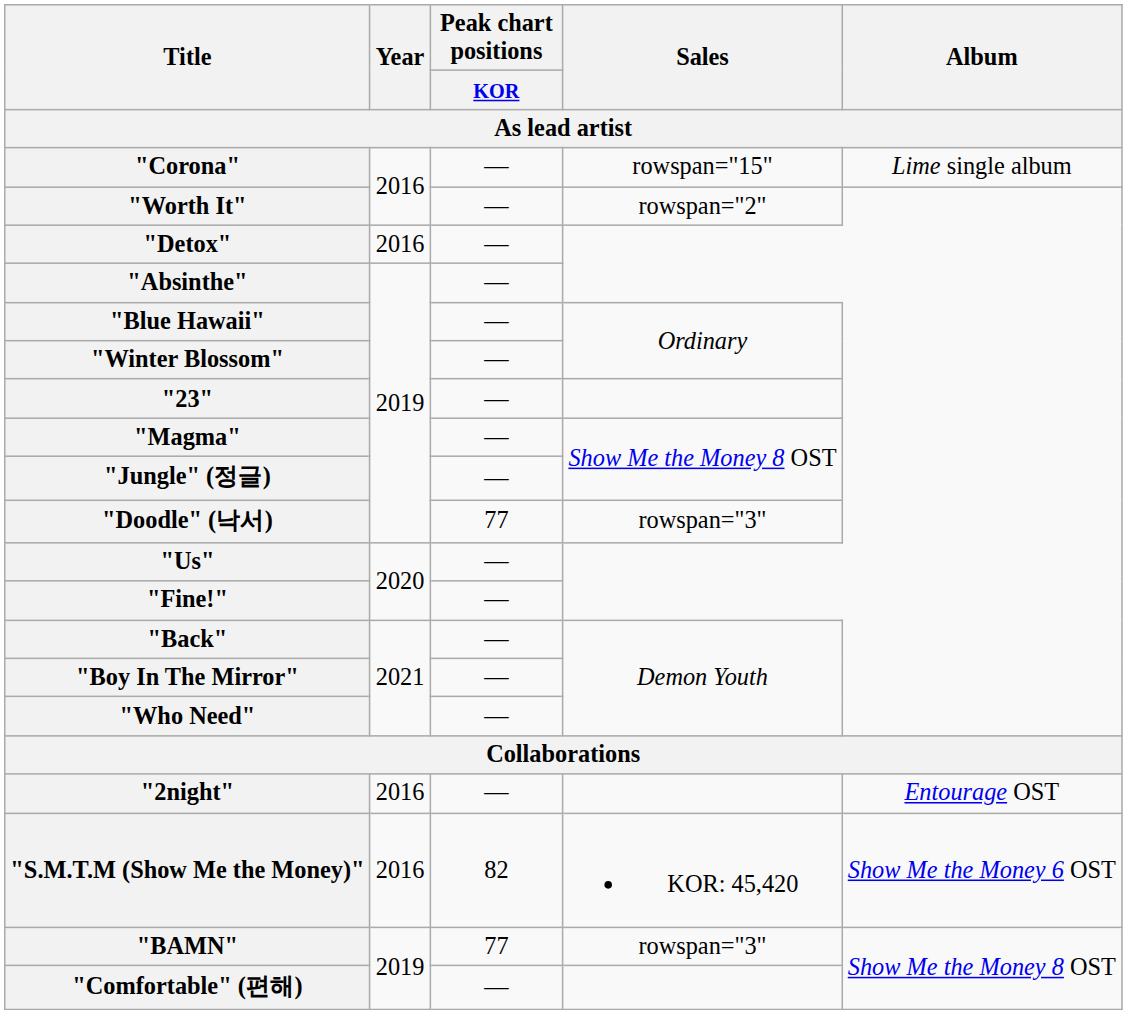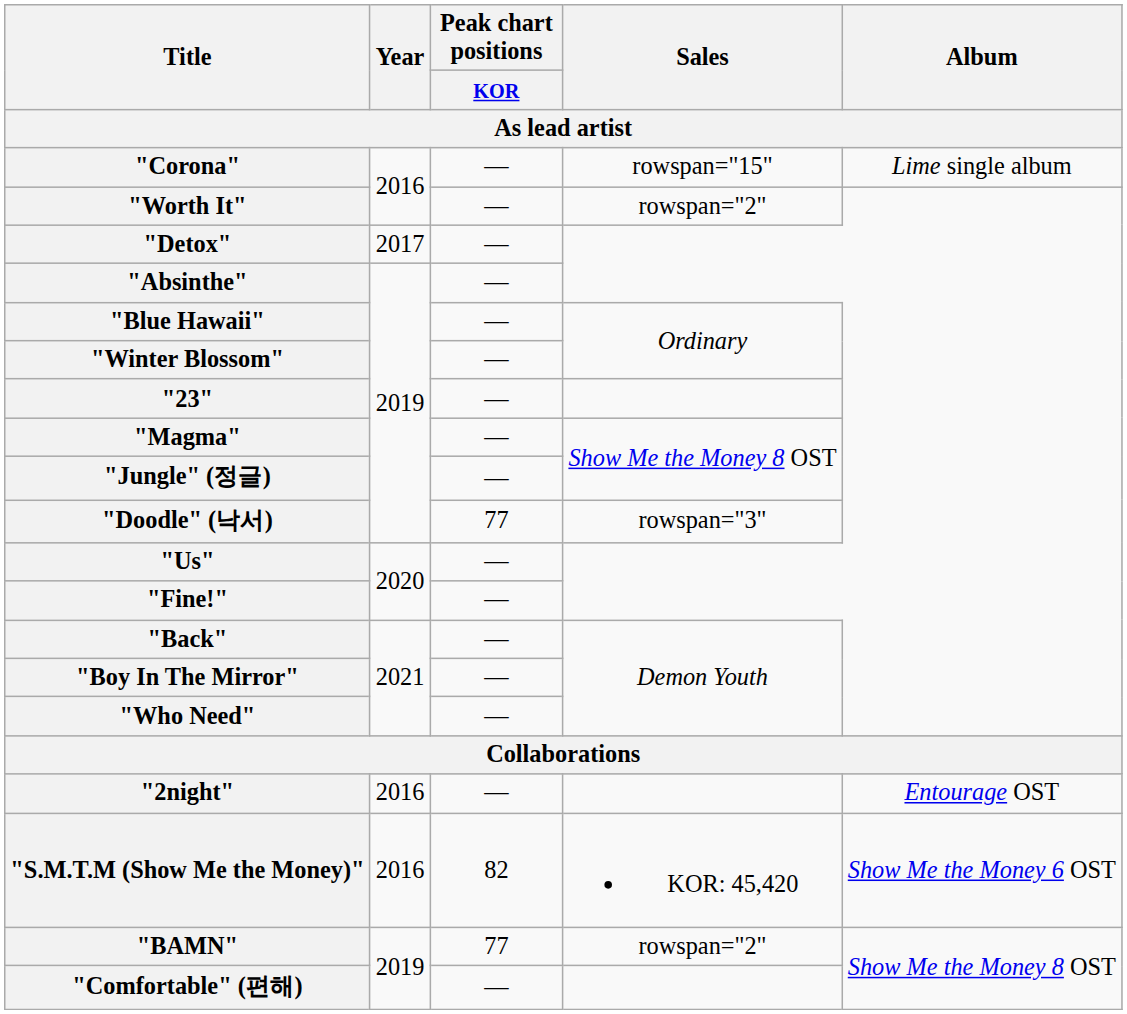 <table class="wikitable plainrowheaders" style="text-align:center;">
 <tr>
 <th scope="col" rowspan="2">Title</th>
 <th scope="col" rowspan="2">Year</th>
 <th scope="col" colspan="1" style="width:5em;">Peak chart positions</th>
 <th scope="col" rowspan="2">Sales</th>
 <th scope="col" rowspan="2">Album</th>
 </tr>
 <tr>
 <th><small><a href='#'>KOR</a></small><br></th>
 </tr>
 <tr>
 <th scope="col" colspan="5">As lead artist</th>
 </tr>
 <tr>
 <th scope="row">"Corona" </th>
 <td rowspan="2">2016</td>
 <td>—</td>
 <td>rowspan="15" </td>
 <td><em>Lime</em> single album</td>
 </tr>
 <tr>
 <th scope="row">"Worth It" </th>
 <td>—</td>
 <td>rowspan="2" </td>
 </tr>
 <tr>
 <th scope="row">"Detox"</th>
-<td>2016</td>
+<td>2017</td>
 <td>—</td>
 </tr>
 <tr>
 <th scope="row">"Absinthe"</th>
 <td rowspan="7">2019</td>
 <td>—</td>
 </tr>
 <tr>
 <th scope="row">"Blue Hawaii" </th>
 <td>—</td>
 <td rowspan="2"><em>Ordinary</em></td>
 </tr>
 <tr>
 <th scope="row">"Winter Blossom" </th>
 <td>—</td>
 </tr>
 <tr>
 <th scope="row">"23" </th>
 <td>—</td>
 <td></td>
 </tr>
 <tr>
 <th scope="row">"Magma" </th>
 <td>—</td>
 <td rowspan="2"><em><a href='#'>Show Me the Money 8</a></em> OST</td>
 </tr>
 <tr>
 <th scope="row">"Jungle" (정글) </th>
 <td>—</td>
 </tr>
 <tr>
 <th scope="row">"Doodle" (낙서) </th>
 <td>77</td>
 <td>rowspan="3" </td>
 </tr>
 <tr>
 <th scope="row">"Us" </th>
 <td rowspan="2">2020</td>
 <td>—</td>
 </tr>
 <tr>
 <th scope="row">"Fine!" </th>
 <td>—</td>
 </tr>
 <tr>
 <th scope="row">"Back"</th>
 <td rowspan="3">2021</td>
 <td>—</td>
 <td rowspan="3"><em>Demon Youth</em></td>
 </tr>
 <tr>
 <th scope="row">"Boy In The Mirror" </th>
 <td>—</td>
 </tr>
 <tr>
 <th scope="row">"Who Need"</th>
 <td>—</td>
 </tr>
 <tr>
 <th scope="col" colspan="5">Collaborations</th>
 </tr>
 <tr>
 <th scope="row">"2night" </th>
 <td>2016</td>
 <td>—</td>
 <td></td>
 <td><em><a href='#'>Entourage</a></em> OST</td>
 </tr>
 <tr>
 <th scope="row">"S.M.T.M (Show Me the Money)"<br></th>
 <td>2016</td>
 <td>82</td>
 <td><br><ul><li>KOR: 45,420</li></ul></td>
 <td><em><a href='#'>Show Me the Money 6</a></em> OST</td>
 </tr>
 <tr>
 <th scope="row">"BAMN" </th>
 <td rowspan="2">2019</td>
 <td>77</td>
-<td>rowspan="3" </td>
+<td>rowspan="2" </td>
 <td rowspan="2"><em><a href='#'>Show Me the Money 8</a></em> OST</td>
 </tr>
 <tr>
 <th scope="row">"Comfortable" (편해) </th>
 <td>—</td>
 </tr>
 </table>
